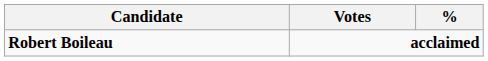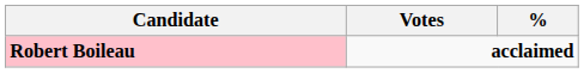 <table style="width:475px;" class="wikitable">
 <tr>
 <th align="center">Candidate</th>
 <th align="center">Votes</th>
 <th align="center">%</th>
 </tr>
 <tr>
-<td align="left"><strong>Robert Boileau</strong></td>
+<td align="left" style="background: pink;"><strong>Robert Boileau</strong></td>
 <td align="right" colspan="2"><strong>acclaimed</strong></td>
 </tr>
 </table>
